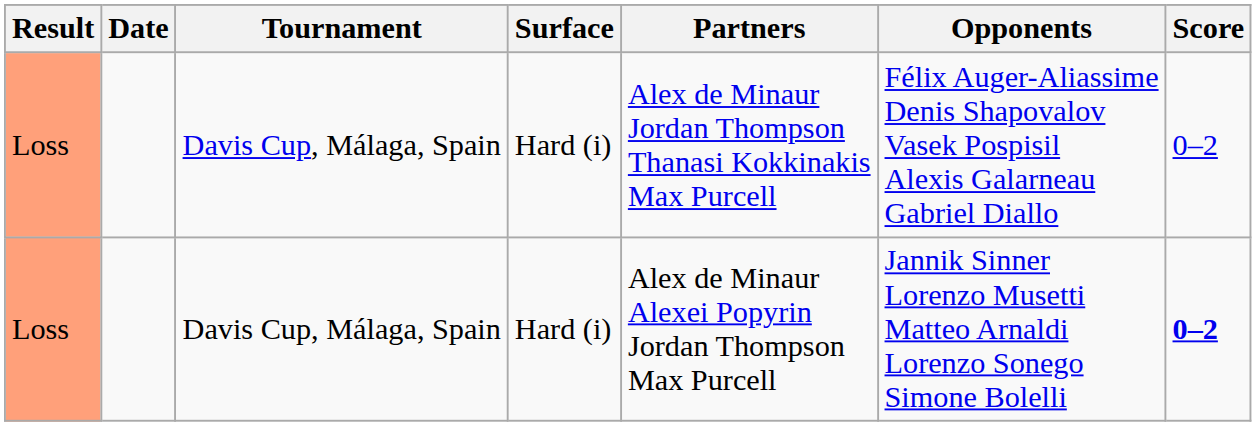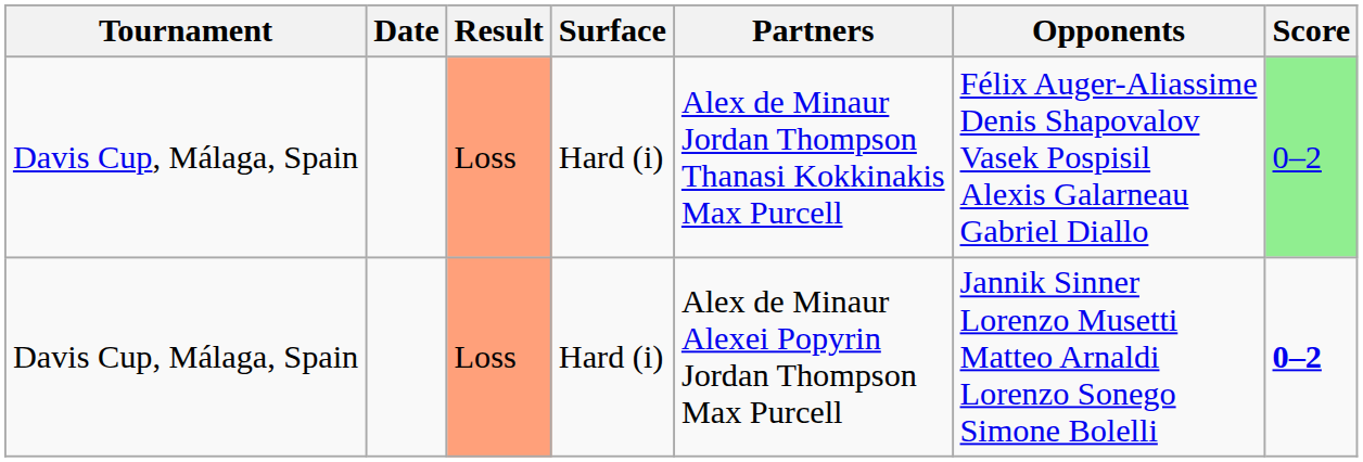 <table class="sortable wikitable">
 <tr>
+<th>Tournament</th>
+<th>Date</th>
 <th>Result</th>
-<th>Date</th>
-<th>Tournament</th>
 <th>Surface</th>
 <th>Partners</th>
 <th>Opponents</th>
 <th class="unsortable">Score</th>
 </tr>
 <tr>
+<td><a href='#'>Davis Cup</a>, Málaga, Spain</td>
+<td><a href='#'></a></td>
 <td bgcolor=FFA07A>Loss</td>
-<td><a href='#'></a></td>
-<td><a href='#'>Davis Cup</a>, Málaga, Spain</td>
 <td>Hard (i)</td>
 <td> <a href='#'>Alex de Minaur</a> <br> <a href='#'>Jordan Thompson</a> <br> <a href='#'>Thanasi Kokkinakis</a> <br> <a href='#'>Max Purcell</a></td>
 <td> <a href='#'>Félix Auger-Aliassime</a><br> <a href='#'>Denis Shapovalov</a><br> <a href='#'>Vasek Pospisil</a><br> <a href='#'>Alexis Galarneau</a><br> <a href='#'>Gabriel Diallo</a></td>
-<td><a href='#'>0–2</a></td>
+<td style="background: lightgreen;"><a href='#'>0–2</a></td>
 </tr>
 <tr>
+<td>Davis Cup, Málaga, Spain</td>
+<td><a href='#'></a></td>
 <td bgcolor=FFA07A>Loss</td>
-<td><a href='#'></a></td>
-<td>Davis Cup, Málaga, Spain</td>
 <td>Hard (i)</td>
 <td> Alex de Minaur <br> <a href='#'>Alexei Popyrin</a> <br> Jordan Thompson <br> Max Purcell <br></td>
 <td> <a href='#'>Jannik Sinner</a> <br> <a href='#'>Lorenzo Musetti</a> <br> <a href='#'>Matteo Arnaldi</a> <br> <a href='#'>Lorenzo Sonego</a> <br> <a href='#'>Simone Bolelli</a> <br></td>
 <td><strong><a href='#'>0–2</a></strong></td>
 </tr>
 </table>
